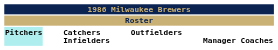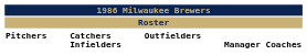 <table class="toccolours" style="font-size: 95%;">
 <tr>
 <th colspan="10" style="background-color: #0a2351; color: #c9b074; text-align: center;">1986 Milwaukee Brewers</th>
 </tr>
 <tr>
 <td colspan="10" style="background-color: #c9b074; color: #0a2351; text-align: center;"><strong>Roster</strong></td>
 </tr>
 <tr>
-<td valign="top" style="background: paleturquoise;"><strong>Pitchers</strong><br>                </td>
+<td valign="top"><strong>Pitchers</strong><br>                </td>
 <td width="25px"></td>
 <td valign="top"><strong>Catchers</strong><br>   <strong>Infielders</strong>           </td>
 <td width="25px"></td>
 <td valign="top"><strong>Outfielders</strong><br>       </td>
 <td width="25px"></td>
 <td valign="top"><br><strong>Manager</strong>     <strong>Coaches</strong>       </td>
 </tr>
 <tr>
 </tr>
 </table>
